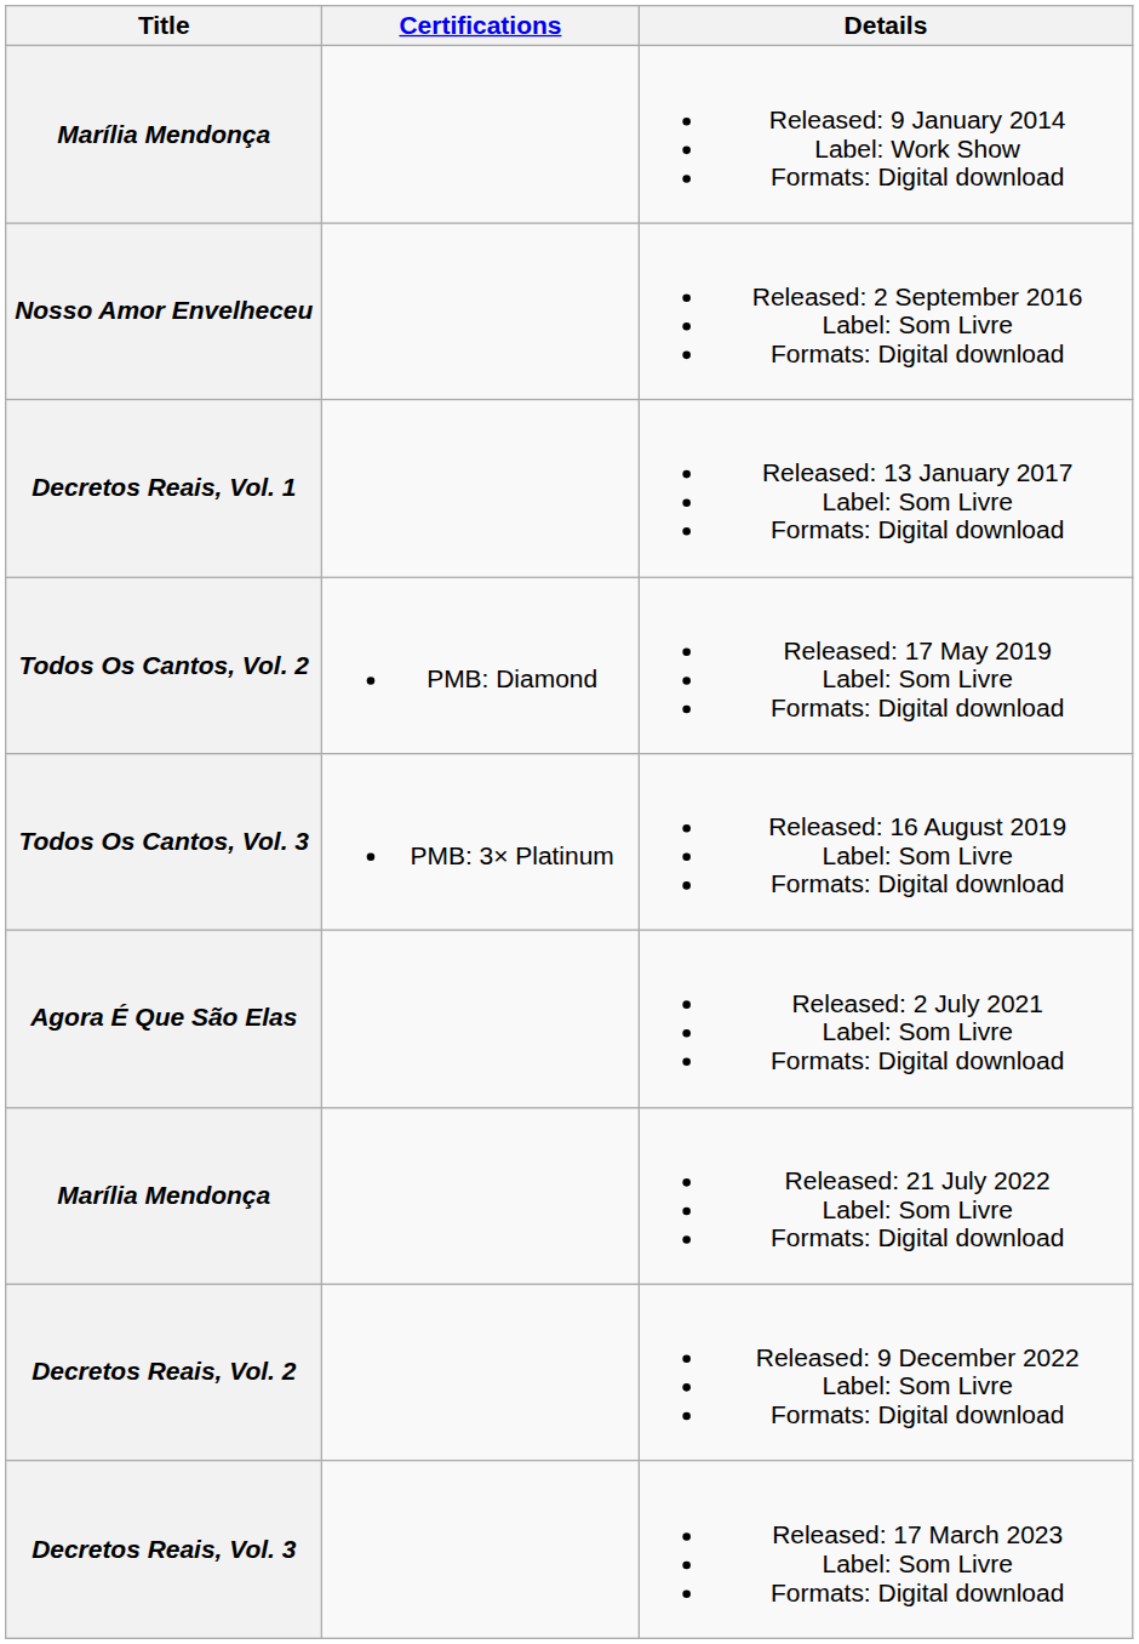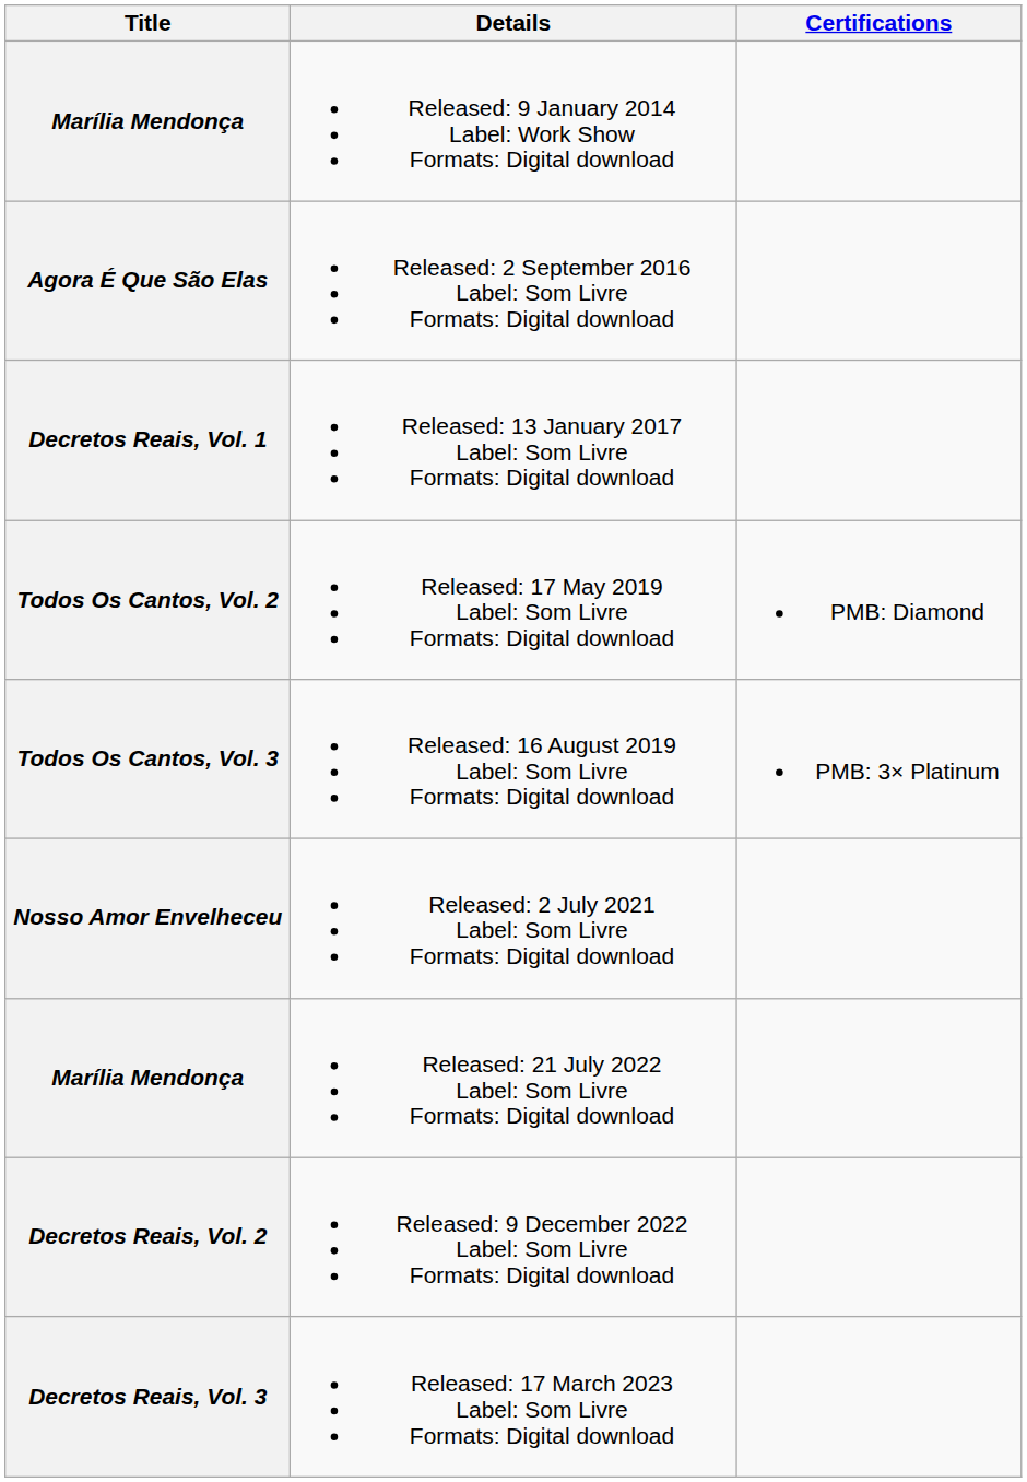 <table class="wikitable plainrowheaders" style="text-align:center;">
 <tr>
 <th scope="col" style="width:12em;">Title</th>
+<th scope="col" style="width:19em;">Details</th>
 <th scope="col" style="width:12em;"><a href='#'>Certifications</a></th>
-<th scope="col" style="width:19em;">Details</th>
 </tr>
 <tr>
 <th scope="row"><em>Marília Mendonça</em></th>
+<td><br><ul><li>Released: 9 January 2014</li><li>Label: Work Show</li><li>Formats: Digital download</li></ul></td>
 <td></td>
-<td><br><ul><li>Released: 9 January 2014</li><li>Label: Work Show</li><li>Formats: Digital download</li></ul></td>
+</tr>
+<tr>
+<th scope="row"><em>Agora É Que São Elas</em></th>
+<td><br><ul><li>Released: 2 September 2016</li><li>Label: Som Livre</li><li>Formats: Digital download</li></ul></td>
+<td></td>
+</tr>
+<tr>
+<th scope="row"><em>Decretos Reais, Vol. 1</em><br></th>
+<td><br><ul><li>Released: 13 January 2017</li><li>Label: Som Livre</li><li>Formats: Digital download</li></ul></td>
+<td></td>
+</tr>
+<tr>
+<th scope="row"><em>Todos Os Cantos, Vol. 2</em></th>
+<td><br><ul><li>Released: 17 May 2019</li><li>Label: Som Livre</li><li>Formats: Digital download</li></ul></td>
+<td><br><ul><li>PMB: Diamond</li></ul></td>
+</tr>
+<tr>
+<th scope="row"><em>Todos Os Cantos, Vol. 3</em></th>
+<td><br><ul><li>Released: 16 August 2019</li><li>Label: Som Livre</li><li>Formats: Digital download</li></ul></td>
+<td><br><ul><li>PMB: 3× Platinum</li></ul></td>
 </tr>
 <tr>
 <th scope="row"><em>Nosso Amor Envelheceu</em></th>
+<td><br><ul><li>Released: 2 July 2021</li><li>Label: Som Livre</li><li>Formats: Digital download</li></ul></td>
 <td></td>
-<td><br><ul><li>Released: 2 September 2016</li><li>Label: Som Livre</li><li>Formats: Digital download</li></ul></td>
-</tr>
-<tr>
-<th scope="row"><em>Decretos Reais, Vol. 1</em><br></th>
-<td></td>
-<td><br><ul><li>Released: 13 January 2017</li><li>Label: Som Livre</li><li>Formats: Digital download</li></ul></td>
-</tr>
-<tr>
-<th scope="row"><em>Todos Os Cantos, Vol. 2</em></th>
-<td><br><ul><li>PMB: Diamond</li></ul></td>
-<td><br><ul><li>Released: 17 May 2019</li><li>Label: Som Livre</li><li>Formats: Digital download</li></ul></td>
-</tr>
-<tr>
-<th scope="row"><em>Todos Os Cantos, Vol. 3</em></th>
-<td><br><ul><li>PMB: 3× Platinum</li></ul></td>
-<td><br><ul><li>Released: 16 August 2019</li><li>Label: Som Livre</li><li>Formats: Digital download</li></ul></td>
-</tr>
-<tr>
-<th scope="row"><em>Agora É Que São Elas</em></th>
-<td></td>
-<td><br><ul><li>Released: 2 July 2021</li><li>Label: Som Livre</li><li>Formats: Digital download</li></ul></td>
 </tr>
 <tr>
 <th scope="row"><em>Marília Mendonça</em></th>
+<td><br><ul><li>Released: 21 July 2022</li><li>Label: Som Livre</li><li>Formats: Digital download</li></ul></td>
 <td></td>
-<td><br><ul><li>Released: 21 July 2022</li><li>Label: Som Livre</li><li>Formats: Digital download</li></ul></td>
 </tr>
 <tr>
 <th scope="row"><em>Decretos Reais, Vol. 2</em><br></th>
+<td><br><ul><li>Released: 9 December 2022</li><li>Label: Som Livre</li><li>Formats: Digital download</li></ul></td>
 <td></td>
-<td><br><ul><li>Released: 9 December 2022</li><li>Label: Som Livre</li><li>Formats: Digital download</li></ul></td>
 </tr>
 <tr>
 <th scope="row"><em>Decretos Reais, Vol. 3</em><br></th>
+<td><br><ul><li>Released: 17 March 2023</li><li>Label: Som Livre</li><li>Formats: Digital download</li></ul></td>
 <td></td>
-<td><br><ul><li>Released: 17 March 2023</li><li>Label: Som Livre</li><li>Formats: Digital download</li></ul></td>
 </tr>
 </table>
